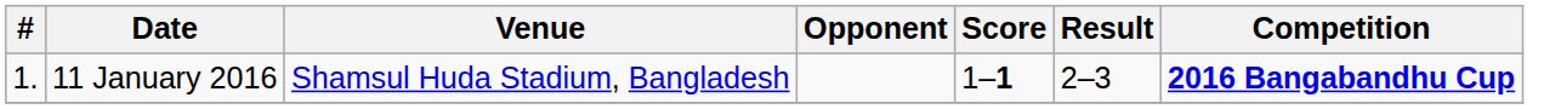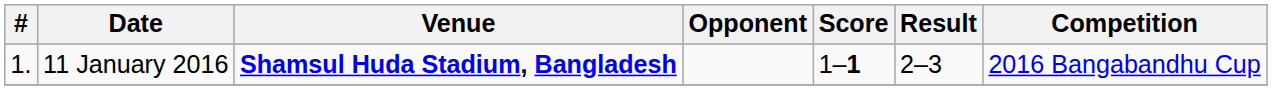 <table class="wikitable">
 <tr>
 <th>#</th>
 <th>Date</th>
 <th>Venue</th>
 <th>Opponent</th>
 <th>Score</th>
 <th>Result</th>
 <th>Competition</th>
 </tr>
 <tr>
 <td>1.</td>
 <td>11 January 2016</td>
-<td><a href='#'>Shamsul Huda Stadium</a>, <a href='#'>Bangladesh</a></td>
+<td><strong><a href='#'>Shamsul Huda Stadium</a>, <a href='#'>Bangladesh</a></strong></td>
 <td></td>
 <td>1–<strong>1</strong></td>
 <td>2–3</td>
-<td><strong><a href='#'>2016 Bangabandhu Cup</a></strong></td>
+<td><a href='#'>2016 Bangabandhu Cup</a></td>
 </tr>
 <tr>
 </tr>
 </table>
